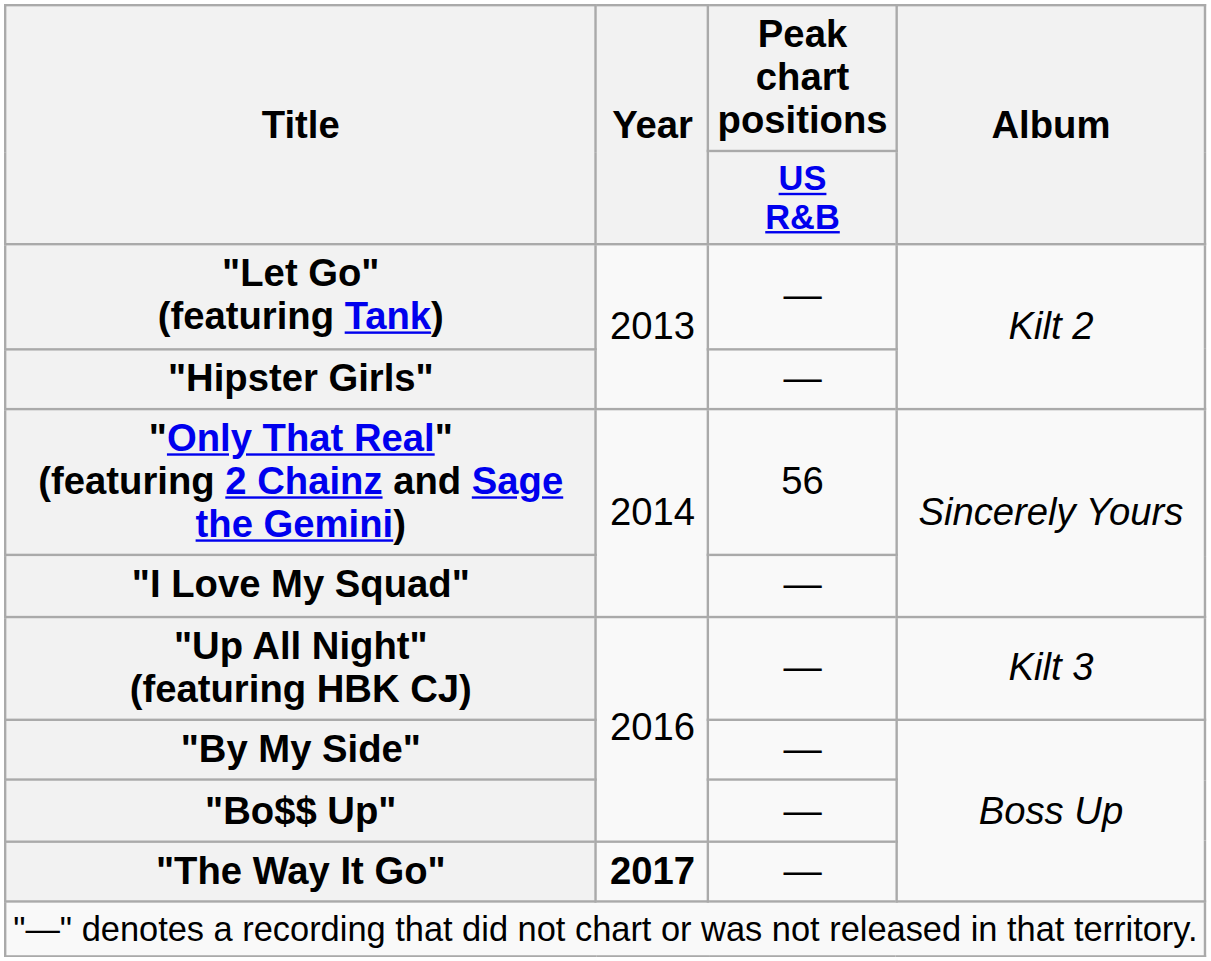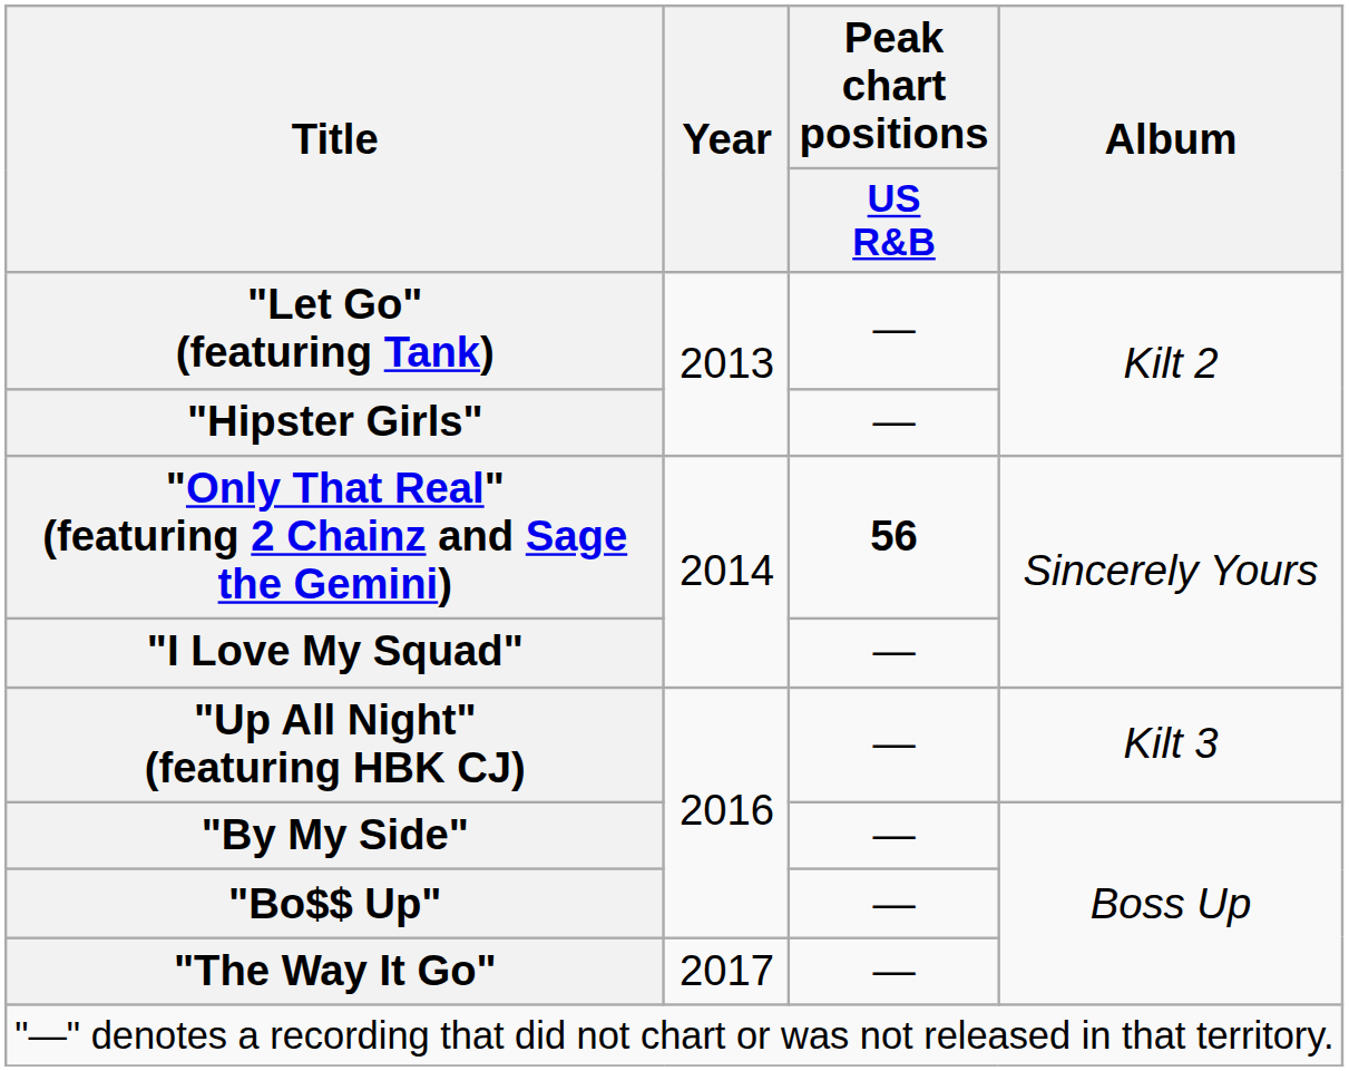 <table class="wikitable plainrowheaders" style="text-align:center;">
 <tr>
 <th scope="col" rowspan="2" style="width:15em;">Title</th>
 <th scope="col" rowspan="2">Year</th>
 <th scope="col" colspan="1">Peak chart positions</th>
 <th scope="col" rowspan="2">Album</th>
 </tr>
 <tr>
 <th scope="col" style="width:3em;font-size:90%;"><a href='#'>US<br>R&B</a></th>
 </tr>
 <tr>
 <th scope="row">"Let Go"<br><span>(featuring <a href='#'>Tank</a>)</span></th>
 <td rowspan="2">2013</td>
 <td>—</td>
 <td rowspan="2"><em>Kilt 2</em></td>
 </tr>
 <tr>
 <th scope="row">"Hipster Girls"</th>
 <td>—</td>
 </tr>
 <tr>
 <th scope="row">"<a href='#'>Only That Real</a>"<br><span>(featuring <a href='#'>2 Chainz</a> and <a href='#'>Sage the Gemini</a>)</span></th>
 <td rowspan="2">2014</td>
-<td>56</td>
+<td><strong>56</strong></td>
 <td rowspan="2"><em>Sincerely Yours</em></td>
 </tr>
 <tr>
 <th scope="row">"I Love My Squad"</th>
 <td>—</td>
 </tr>
 <tr>
 <th scope="row">"Up All Night"<br><span>(featuring HBK CJ)</span></th>
 <td rowspan="3">2016</td>
 <td>—</td>
 <td><em>Kilt 3</em></td>
 </tr>
 <tr>
 <th scope="row">"By My Side"</th>
 <td>—</td>
 <td rowspan="3"><em>Boss Up</em></td>
 </tr>
 <tr>
 <th scope="row">"Bo$$ Up"</th>
 <td>—</td>
 </tr>
 <tr>
 <th scope="row">"The Way It Go"</th>
-<td><strong>2017</strong></td>
+<td>2017</td>
 <td>—</td>
 </tr>
 <tr>
 <td colspan="15" style="font-size:90%">"—" denotes a recording that did not chart or was not released in that territory.</td>
 </tr>
 </table>
